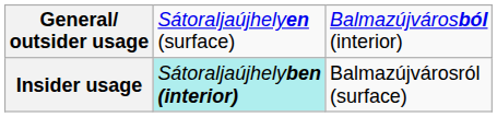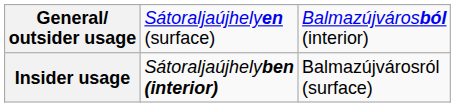 <table class="wikitable" align=center>
 <tr>
 <th>General/<br>outsider usage</th>
 <td><em><a href='#'>Sátoraljaújhely<strong>en</strong></a></em><br>(surface)</td>
 <td><em><a href='#'>Balmazújváros<strong>ból</strong></a></em><br>(interior)</td>
 </tr>
 <tr>
 <th>Insider usage</th>
-<td style="background: paleturquoise;"><em>Sátoraljaújhely<strong>ben<strong><em><br>(interior)</td>
+<td><em>Sátoraljaújhely<strong>ben<strong><em><br>(interior)</td>
 <td></em>Balmazújváros</strong>ról</em></strong><br>(surface)</td>
 </tr>
 </table>
